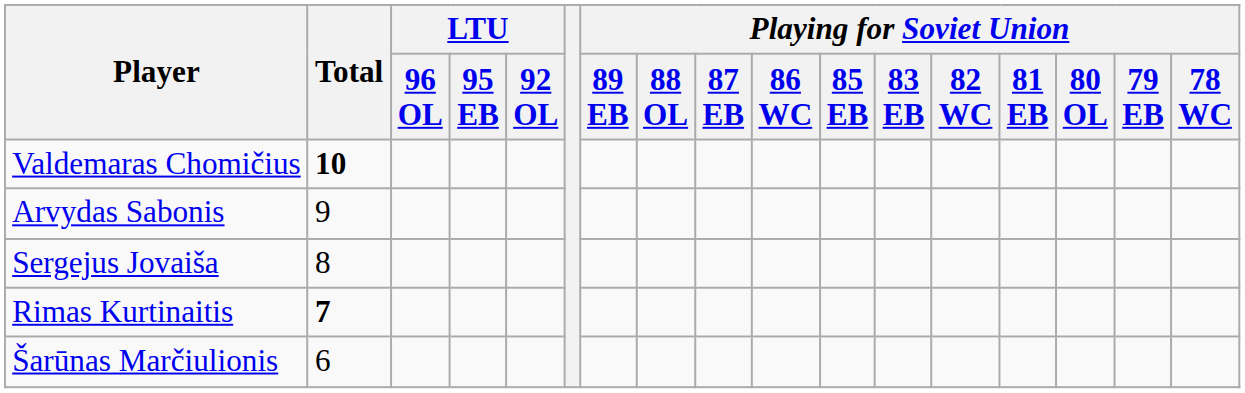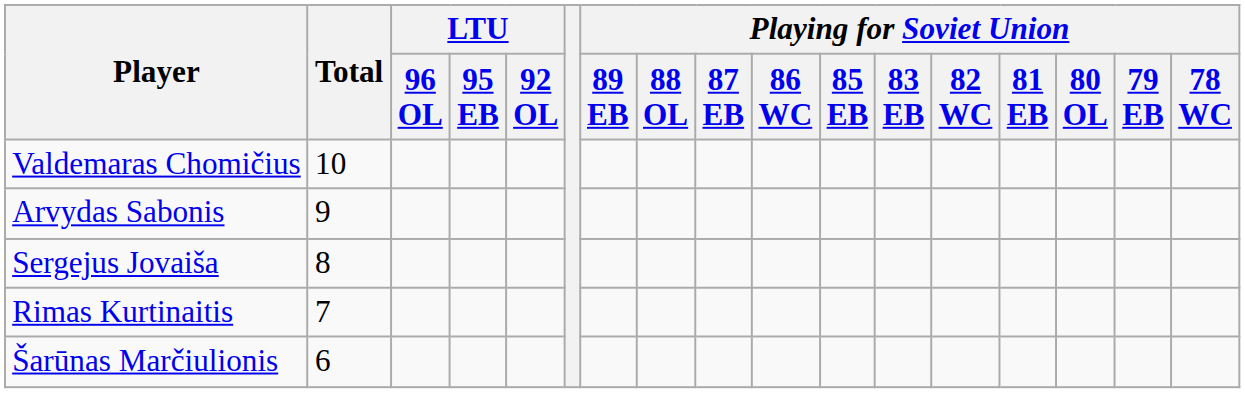 <table class="wikitable">
 <tr>
 <th rowspan="2">Player</th>
 <th rowspan="2">Total</th>
 <th colspan="3"> <a href='#'>LTU</a></th>
 <th rowspan="7"></th>
 <th colspan="11"><em>Playing for</em>  <em><a href='#'>Soviet Union</a></em></th>
 </tr>
 <tr>
 <th><a href='#'>96<br>OL</a></th>
 <th><a href='#'>95<br>EB</a></th>
 <th><a href='#'>92<br>OL</a></th>
 <th><a href='#'>89<br>EB</a></th>
 <th><a href='#'>88<br>OL</a></th>
 <th><a href='#'>87<br>EB</a></th>
 <th><a href='#'>86<br>WC</a></th>
 <th><a href='#'>85<br>EB</a></th>
 <th><a href='#'>83<br>EB</a></th>
 <th><a href='#'>82<br>WC</a></th>
 <th><a href='#'>81<br>EB</a></th>
 <th><a href='#'>80<br>OL</a></th>
 <th><a href='#'>79<br>EB</a></th>
 <th><a href='#'>78<br>WC</a></th>
 </tr>
 <tr>
 <td><a href='#'>Valdemaras Chomičius</a></td>
-<td><strong>10</strong></td>
+<td>10</td>
 <td></td>
 <td></td>
 <td></td>
 <td></td>
 <td></td>
 <td></td>
 <td></td>
 <td></td>
 <td></td>
 <td></td>
 <td></td>
 <td></td>
 <td></td>
 <td></td>
 </tr>
 <tr>
 <td><a href='#'>Arvydas Sabonis</a></td>
 <td>9</td>
 <td></td>
 <td></td>
 <td></td>
 <td></td>
 <td></td>
 <td></td>
 <td></td>
 <td></td>
 <td></td>
 <td></td>
 <td></td>
 <td></td>
 <td></td>
 <td></td>
 </tr>
 <tr>
 <td><a href='#'>Sergejus Jovaiša</a></td>
 <td>8</td>
 <td></td>
 <td></td>
 <td></td>
 <td></td>
 <td></td>
 <td></td>
 <td></td>
 <td></td>
 <td></td>
 <td></td>
 <td></td>
 <td></td>
 <td></td>
 <td></td>
 </tr>
 <tr>
 <td><a href='#'>Rimas Kurtinaitis</a></td>
-<td><strong>7</strong></td>
+<td>7</td>
 <td></td>
 <td></td>
 <td></td>
 <td></td>
 <td></td>
 <td></td>
 <td></td>
 <td></td>
 <td></td>
 <td></td>
 <td></td>
 <td></td>
 <td></td>
 <td></td>
 </tr>
 <tr>
 <td><a href='#'>Šarūnas Marčiulionis</a></td>
 <td>6</td>
 <td></td>
 <td></td>
 <td></td>
 <td></td>
 <td></td>
 <td></td>
 <td></td>
 <td></td>
 <td></td>
 <td></td>
 <td></td>
 <td></td>
 <td></td>
 <td></td>
 </tr>
 </table>
